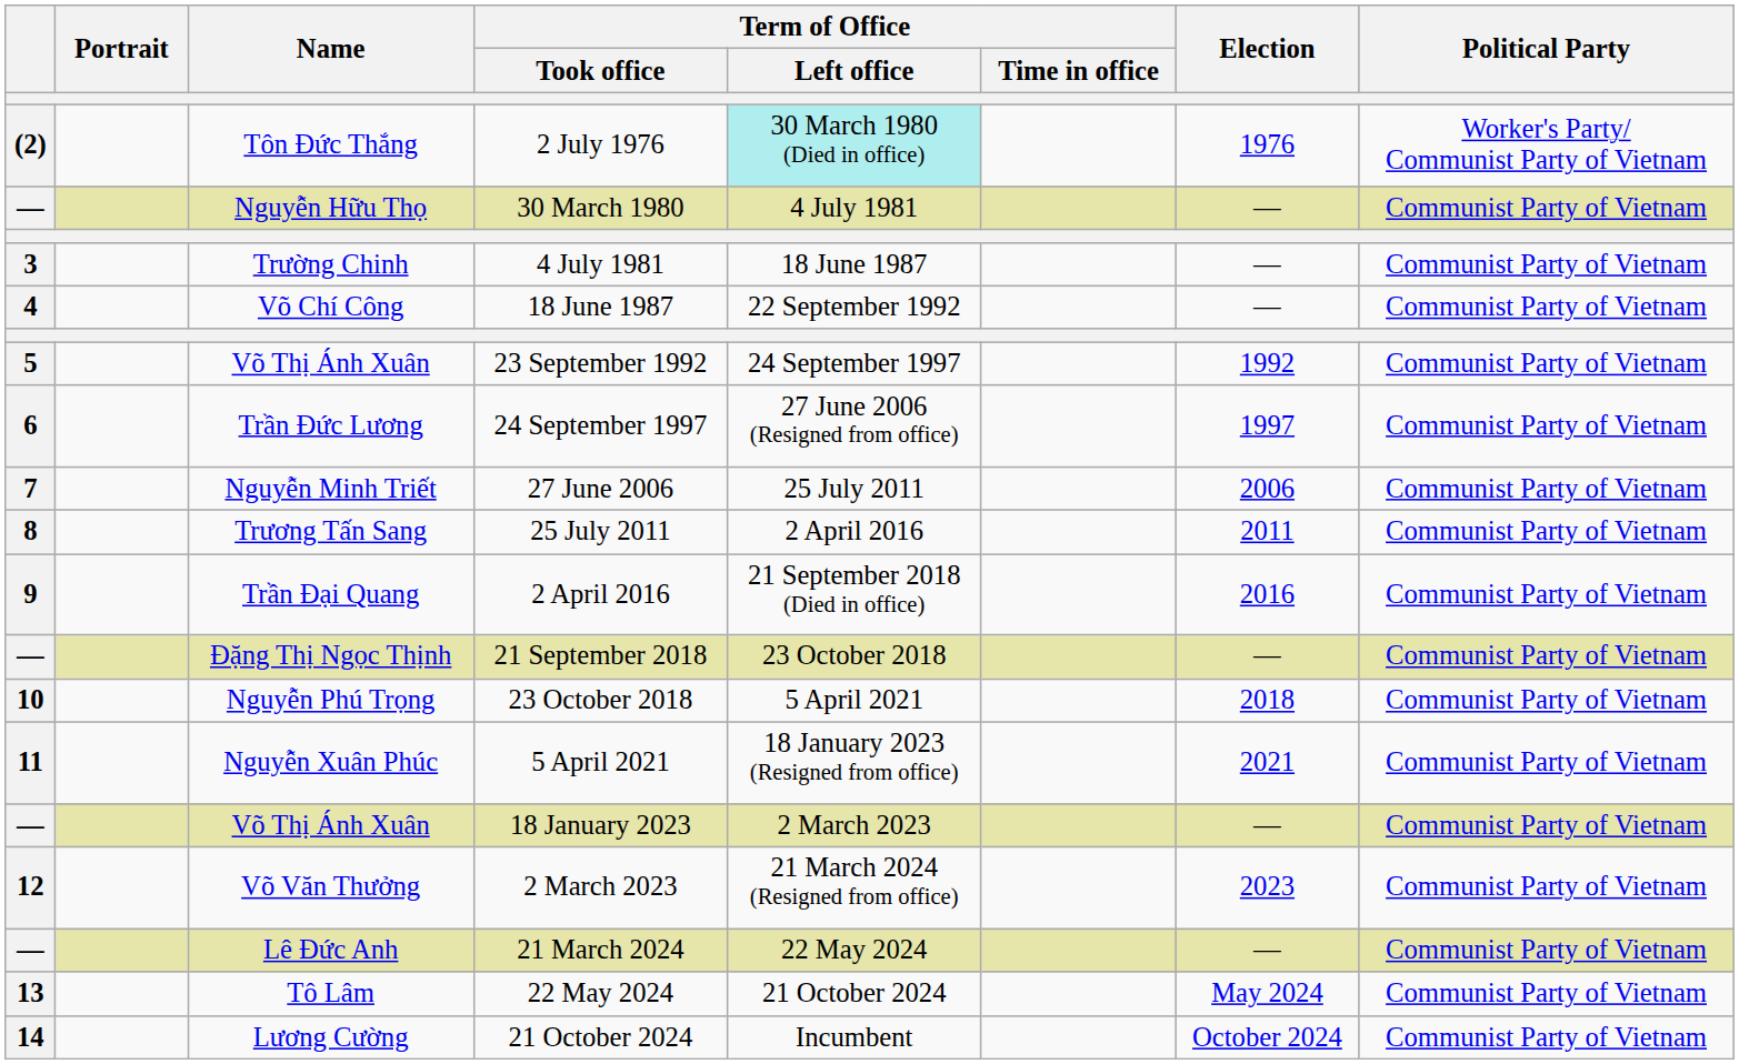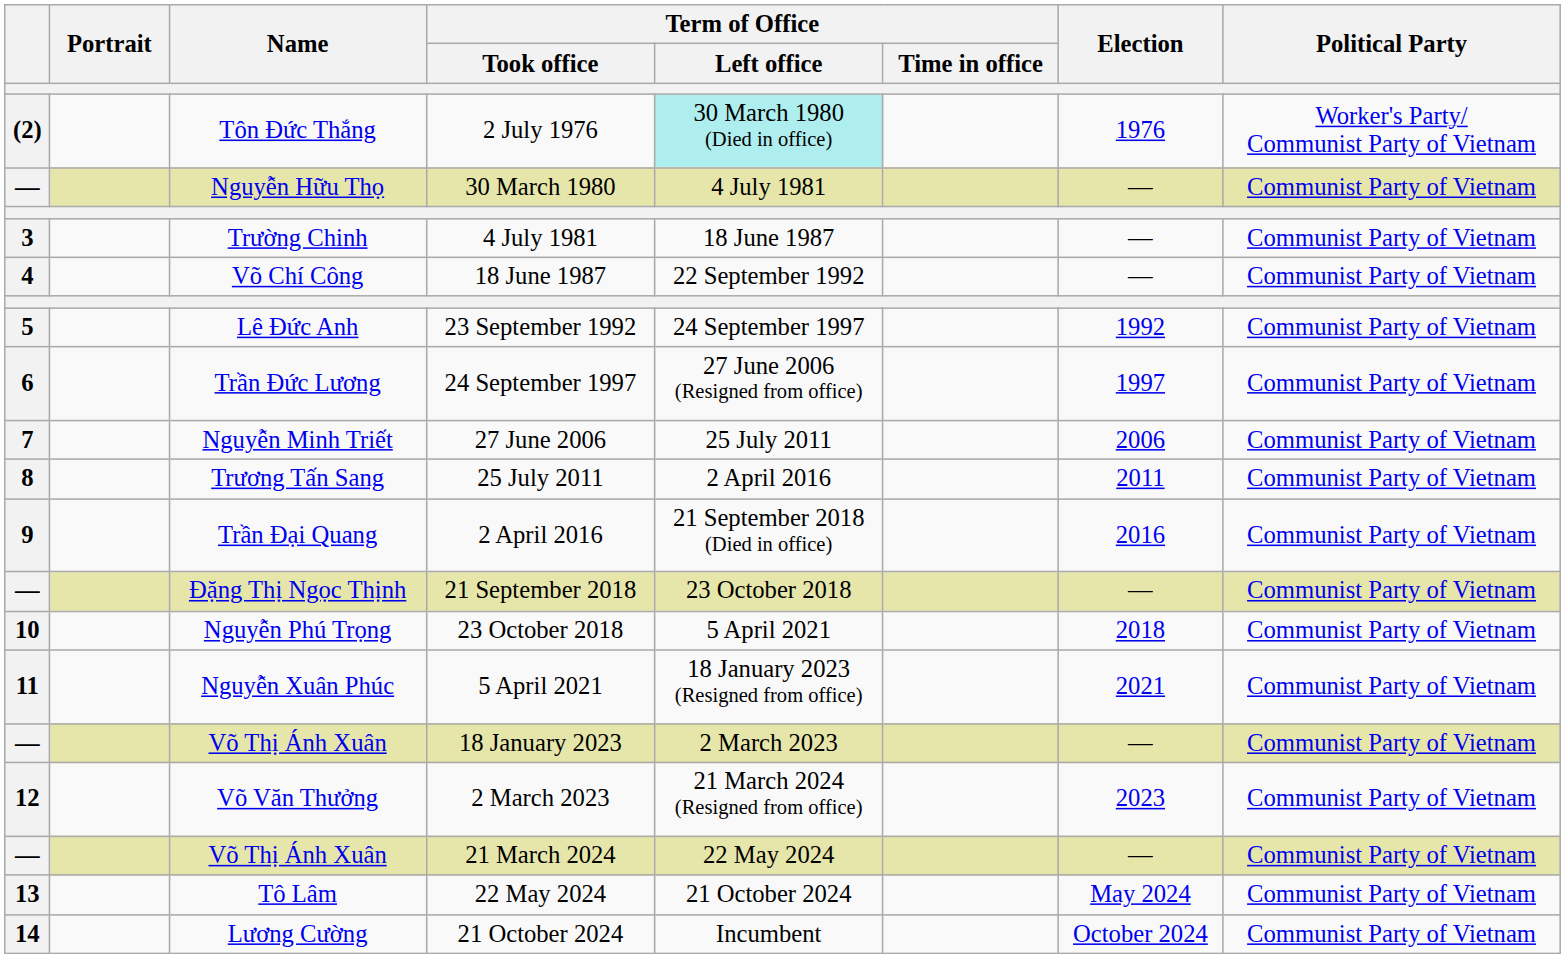 <table class="wikitable" style="text-align:center; border:1px #aaf solid; width:80%;">
 <tr>
 <th rowspan="2"></th>
 <th rowspan="2" style="width:70px;">Portrait</th>
 <th rowspan="2">Name<br></th>
 <th colspan="3">Term of Office</th>
 <th rowspan="2">Election</th>
 <th rowspan="2">Political Party</th>
 </tr>
 <tr>
 <th>Took office</th>
 <th>Left office</th>
 <th>Time in office</th>
 </tr>
 <tr>
 <th colspan="8"></th>
 </tr>
 <tr>
 <th style="background:">(2)</th>
 <td></td>
 <td><a href='#'>Tôn Đức Thắng</a><br></td>
 <td>2 July 1976</td>
 <td style="background: paleturquoise;">30 March 1980<br><sup>(Died in office)</sup></td>
 <td></td>
 <td><a href='#'>1976</a></td>
 <td><a href='#'>Worker's Party/</a><br><a href='#'>Communist Party of Vietnam</a></td>
 </tr>
 <tr style="background:#e6e6aa;">
 <th style="background:">—</th>
 <td></td>
 <td><a href='#'>Nguyễn Hữu Thọ</a><br></td>
 <td>30 March 1980</td>
 <td>4 July 1981</td>
 <td></td>
 <td>—</td>
 <td style="background:#e6e6aa;"><a href='#'>Communist Party of Vietnam</a></td>
 </tr>
 <tr>
 <th colspan="8"></th>
 </tr>
 <tr>
 <th style="background:">3</th>
 <td></td>
 <td><a href='#'>Trường Chinh</a><br></td>
 <td>4 July 1981</td>
 <td>18 June 1987</td>
 <td></td>
 <td>—</td>
 <td><a href='#'>Communist Party of Vietnam</a></td>
 </tr>
 <tr>
 <th style="background:">4</th>
 <td></td>
 <td><a href='#'>Võ Chí Công</a><br></td>
 <td>18 June 1987</td>
 <td>22 September 1992</td>
 <td></td>
 <td>—</td>
 <td><a href='#'>Communist Party of Vietnam</a></td>
 </tr>
 <tr>
 <th colspan="8"></th>
 </tr>
 <tr>
 <th style="background:">5</th>
 <td></td>
-<td><a href='#'>Võ Thị Ánh Xuân</a><br></td>
+<td><a href='#'>Lê Đức Anh</a><br></td>
 <td>23 September 1992</td>
 <td>24 September 1997</td>
 <td></td>
 <td><a href='#'>1992</a></td>
 <td><a href='#'>Communist Party of Vietnam</a></td>
 </tr>
 <tr>
 <th style="background:">6</th>
 <td></td>
 <td><a href='#'>Trần Đức Lương</a><br></td>
 <td>24 September 1997</td>
 <td>27 June 2006<br><sup>(Resigned from office)</sup></td>
 <td></td>
 <td><a href='#'>1997</a></td>
 <td><a href='#'>Communist Party of Vietnam</a></td>
 </tr>
 <tr>
 <th style="background:">7</th>
 <td></td>
 <td><a href='#'>Nguyễn Minh Triết</a><br></td>
 <td>27 June 2006</td>
 <td>25 July 2011</td>
 <td></td>
 <td><a href='#'>2006</a></td>
 <td><a href='#'>Communist Party of Vietnam</a></td>
 </tr>
 <tr>
 <th style="background:">8</th>
 <td></td>
 <td><a href='#'>Trương Tấn Sang</a><br></td>
 <td>25 July 2011</td>
 <td>2 April 2016</td>
 <td></td>
 <td><a href='#'>2011</a></td>
 <td><a href='#'>Communist Party of Vietnam</a></td>
 </tr>
 <tr>
 <th style="background:">9</th>
 <td></td>
 <td><a href='#'>Trần Đại Quang</a><br></td>
 <td>2 April 2016</td>
 <td>21 September 2018<br><sup>(Died in office)</sup></td>
 <td></td>
 <td><a href='#'>2016</a></td>
 <td><a href='#'>Communist Party of Vietnam</a></td>
 </tr>
 <tr style="background:#e6e6aa;">
 <th style="background:">—</th>
 <td></td>
 <td><a href='#'>Đặng Thị Ngọc Thịnh</a><br></td>
 <td>21 September 2018</td>
 <td>23 October 2018</td>
 <td></td>
 <td>—</td>
 <td><a href='#'>Communist Party of Vietnam</a></td>
 </tr>
 <tr>
 <th style="background:">10</th>
 <td></td>
 <td><a href='#'>Nguyễn Phú Trọng</a><br></td>
 <td>23 October 2018</td>
 <td>5 April 2021</td>
 <td></td>
 <td><a href='#'>2018</a></td>
 <td><a href='#'>Communist Party of Vietnam</a></td>
 </tr>
 <tr>
 <th style="background:">11</th>
 <td></td>
 <td><a href='#'>Nguyễn Xuân Phúc</a><br></td>
 <td>5 April 2021</td>
 <td>18 January 2023<br><sup>(Resigned from office)</sup></td>
 <td></td>
 <td><a href='#'>2021</a></td>
 <td><a href='#'>Communist Party of Vietnam</a></td>
 </tr>
 <tr style="background:#e6e6aa;">
 <th style="background:">—</th>
 <td></td>
 <td><a href='#'>Võ Thị Ánh Xuân</a><br></td>
 <td>18 January 2023</td>
 <td>2 March 2023</td>
 <td></td>
 <td>—</td>
 <td><a href='#'>Communist Party of Vietnam</a></td>
 </tr>
 <tr>
 <th style="background:">12</th>
 <td></td>
 <td><a href='#'>Võ Văn Thưởng</a><br> </td>
 <td>2 March 2023</td>
 <td>21 March 2024<br><sup>(Resigned from office)</sup></td>
 <td></td>
 <td><a href='#'>2023</a></td>
 <td><a href='#'>Communist Party of Vietnam</a></td>
 </tr>
 <tr style="background:#e6e6aa;">
 <th style="background:">—</th>
 <td></td>
-<td><a href='#'>Lê Đức Anh</a><br></td>
+<td><a href='#'>Võ Thị Ánh Xuân</a><br></td>
 <td>21 March 2024</td>
 <td>22 May 2024</td>
 <td></td>
 <td>—</td>
 <td><a href='#'>Communist Party of Vietnam</a></td>
 </tr>
 <tr>
 <th style="background:">13</th>
 <td></td>
 <td><a href='#'>Tô Lâm</a><br></td>
 <td>22 May 2024</td>
 <td>21 October 2024</td>
 <td></td>
 <td><a href='#'>May 2024</a></td>
 <td><a href='#'>Communist Party of Vietnam</a></td>
 </tr>
 <tr>
 <th style="background:">14</th>
 <td></td>
 <td><a href='#'>Lương Cường</a><br></td>
 <td>21 October 2024</td>
 <td>Incumbent</td>
 <td></td>
 <td><a href='#'>October 2024</a></td>
 <td><a href='#'>Communist Party of Vietnam</a></td>
 </tr>
 </table>
